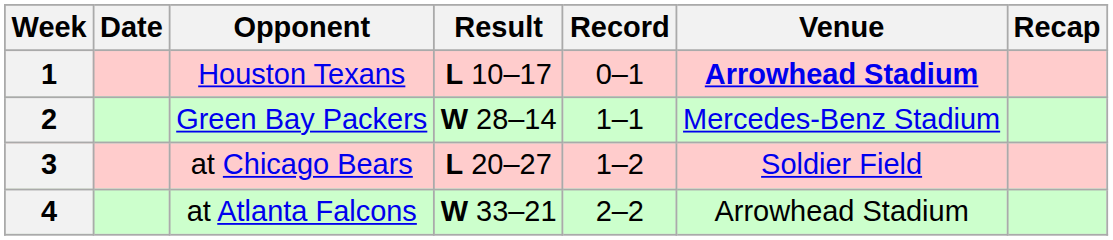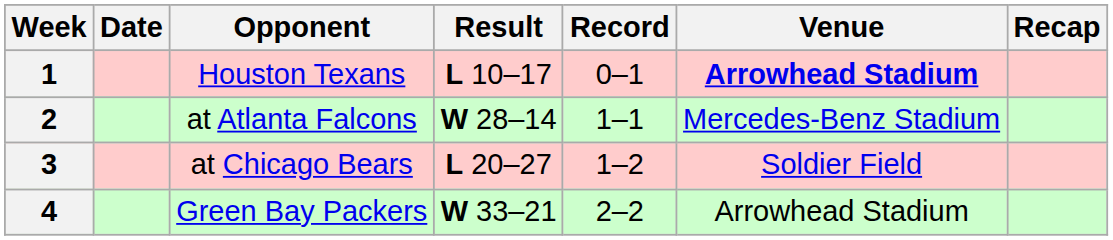 <table class="wikitable" style="text-align:center">
 <tr>
 <th>Week</th>
 <th>Date</th>
 <th>Opponent</th>
 <th>Result</th>
 <th>Record</th>
 <th>Venue</th>
 <th>Recap</th>
 </tr>
 <tr style="background:#fcc">
 <th>1</th>
 <td></td>
 <td><a href='#'>Houston Texans</a></td>
 <td><strong>L</strong> 10–17</td>
 <td>0–1</td>
 <td><strong><a href='#'>Arrowhead Stadium</a></strong></td>
 <td></td>
 </tr>
 <tr style="background:#cfc">
 <th>2</th>
 <td></td>
-<td><a href='#'>Green Bay Packers</a></td>
+<td>at <a href='#'>Atlanta Falcons</a></td>
 <td><strong>W</strong> 28–14</td>
 <td>1–1</td>
 <td><a href='#'>Mercedes-Benz Stadium</a></td>
 <td></td>
 </tr>
 <tr style="background:#fcc">
 <th>3</th>
 <td></td>
 <td>at <a href='#'>Chicago Bears</a></td>
 <td><strong>L</strong> 20–27</td>
 <td>1–2</td>
 <td><a href='#'>Soldier Field</a></td>
 <td></td>
 </tr>
 <tr style="background:#cfc">
 <th>4</th>
 <td></td>
-<td>at <a href='#'>Atlanta Falcons</a></td>
+<td><a href='#'>Green Bay Packers</a></td>
 <td><strong>W</strong> 33–21</td>
 <td>2–2</td>
 <td>Arrowhead Stadium</td>
 <td></td>
 </tr>
 </table>
